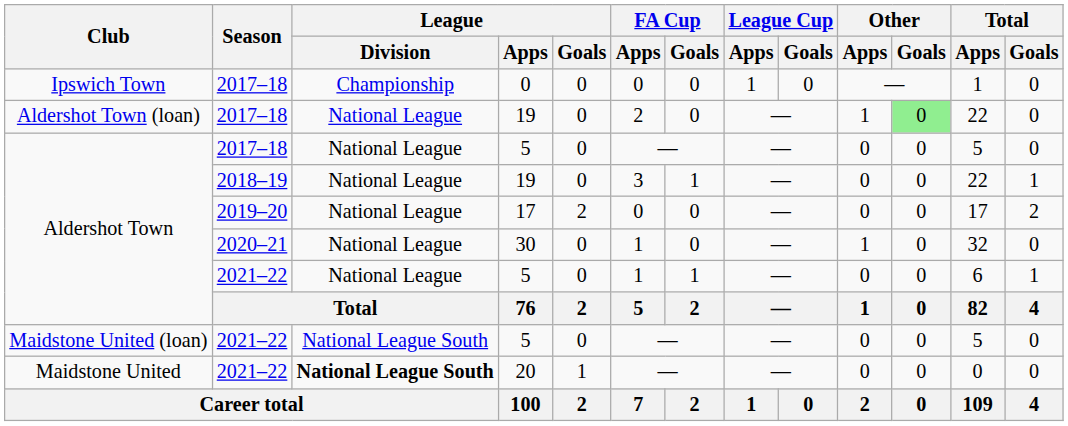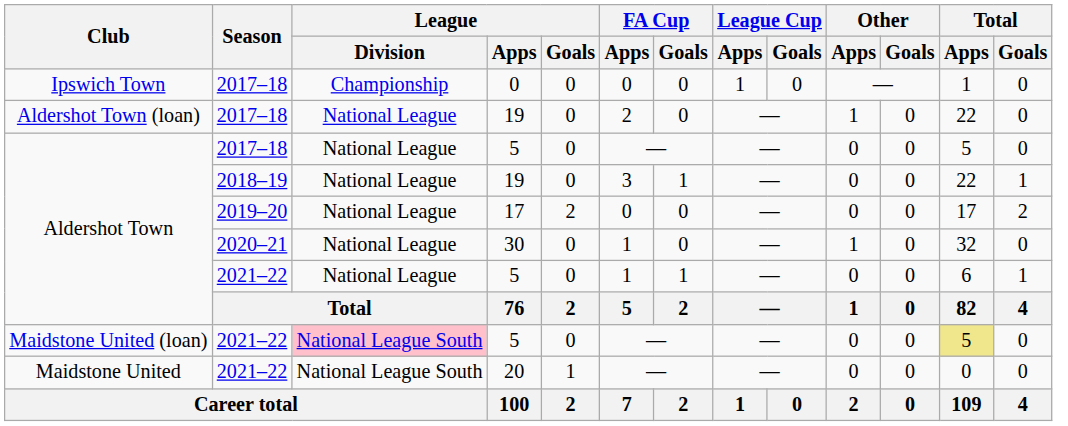 <table class="wikitable" style="text-align:center">
 <tr>
 <th rowspan="2">Club</th>
 <th rowspan="2">Season</th>
 <th colspan="3">League</th>
 <th colspan="2"><a href='#'>FA Cup</a></th>
 <th colspan="2"><a href='#'>League Cup</a></th>
 <th colspan="2">Other</th>
 <th colspan="2">Total</th>
 </tr>
 <tr>
 <th>Division</th>
 <th>Apps</th>
 <th>Goals</th>
 <th>Apps</th>
 <th>Goals</th>
 <th>Apps</th>
 <th>Goals</th>
 <th>Apps</th>
 <th>Goals</th>
 <th>Apps</th>
 <th>Goals</th>
 </tr>
 <tr>
 <td><a href='#'>Ipswich Town</a></td>
 <td><a href='#'>2017–18</a></td>
 <td><a href='#'>Championship</a></td>
 <td>0</td>
 <td>0</td>
 <td>0</td>
 <td>0</td>
 <td>1</td>
 <td>0</td>
 <td colspan="2">—</td>
 <td>1</td>
 <td>0</td>
 </tr>
 <tr>
 <td><a href='#'>Aldershot Town</a> (loan)</td>
 <td><a href='#'>2017–18</a></td>
 <td><a href='#'>National League</a></td>
 <td>19</td>
 <td>0</td>
 <td>2</td>
 <td>0</td>
 <td colspan="2">—</td>
 <td>1</td>
-<td style="background: lightgreen;">0</td>
+<td>0</td>
 <td>22</td>
 <td>0</td>
 </tr>
 <tr>
 <td rowspan="6">Aldershot Town</td>
 <td><a href='#'>2017–18</a></td>
 <td>National League</td>
 <td>5</td>
 <td>0</td>
 <td colspan="2">—</td>
 <td colspan="2">—</td>
 <td>0</td>
 <td>0</td>
 <td>5</td>
 <td>0</td>
 </tr>
 <tr>
 <td><a href='#'>2018–19</a></td>
 <td>National League</td>
 <td>19</td>
 <td>0</td>
 <td>3</td>
 <td>1</td>
 <td colspan="2">—</td>
 <td>0</td>
 <td>0</td>
 <td>22</td>
 <td>1</td>
 </tr>
 <tr>
 <td><a href='#'>2019–20</a></td>
 <td>National League</td>
 <td>17</td>
 <td>2</td>
 <td>0</td>
 <td>0</td>
 <td colspan="2">—</td>
 <td>0</td>
 <td>0</td>
 <td>17</td>
 <td>2</td>
 </tr>
 <tr>
 <td><a href='#'>2020–21</a></td>
 <td>National League</td>
 <td>30</td>
 <td>0</td>
 <td>1</td>
 <td>0</td>
 <td colspan="2">—</td>
 <td>1</td>
 <td>0</td>
 <td>32</td>
 <td>0</td>
 </tr>
 <tr>
 <td><a href='#'>2021–22</a></td>
 <td>National League</td>
 <td>5</td>
 <td>0</td>
 <td>1</td>
 <td>1</td>
 <td colspan="2">—</td>
 <td>0</td>
 <td>0</td>
 <td>6</td>
 <td>1</td>
 </tr>
 <tr>
 <th colspan="2">Total</th>
 <th>76</th>
 <th>2</th>
 <th>5</th>
 <th>2</th>
 <th colspan="2">—</th>
 <th>1</th>
 <th>0</th>
 <th>82</th>
 <th>4</th>
 </tr>
 <tr>
 <td rowspan="1"><a href='#'>Maidstone United</a> (loan)</td>
 <td><a href='#'>2021–22</a></td>
-<td><a href='#'>National League South</a></td>
+<td style="background: pink;"><a href='#'>National League South</a></td>
 <td>5</td>
 <td>0</td>
 <td colspan="2">—</td>
 <td colspan="2">—</td>
 <td>0</td>
 <td>0</td>
-<td>5</td>
+<td style="background: khaki;">5</td>
 <td>0</td>
 </tr>
 <tr>
 <td rowspan="1">Maidstone United</td>
 <td><a href='#'>2021–22</a></td>
-<td><strong>National League South</strong></td>
+<td>National League South</td>
 <td>20</td>
 <td>1</td>
 <td colspan="2">—</td>
 <td colspan="2">—</td>
 <td>0</td>
 <td>0</td>
 <td>0</td>
 <td>0</td>
 </tr>
 <tr>
 <th colspan="3">Career total</th>
 <th>100</th>
 <th>2</th>
 <th>7</th>
 <th>2</th>
 <th>1</th>
 <th>0</th>
 <th>2</th>
 <th>0</th>
 <th>109</th>
 <th>4</th>
 </tr>
 </table>
